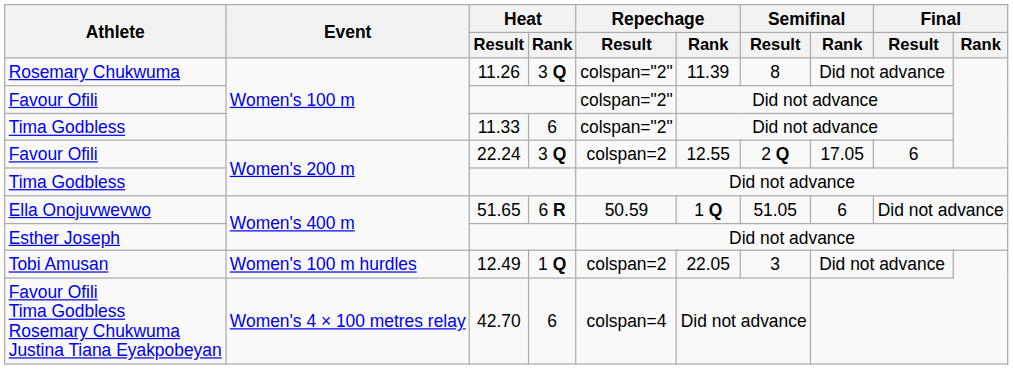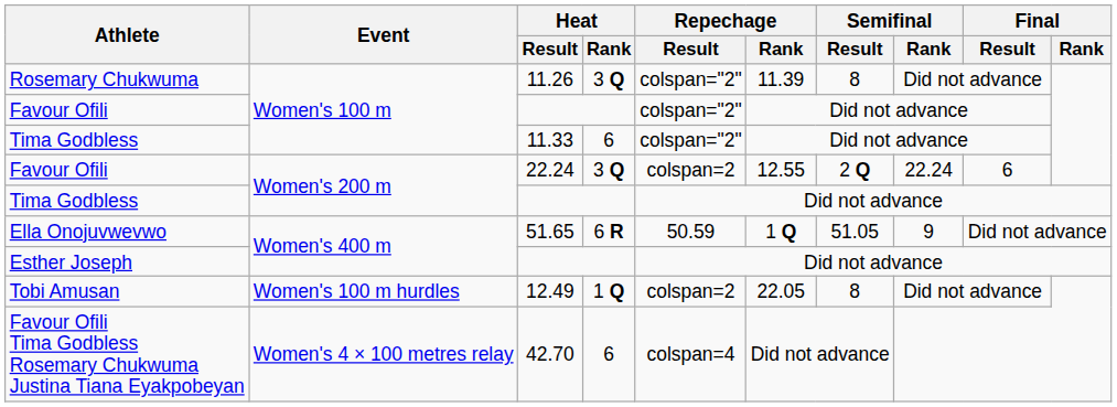 <table class="wikitable" style="font-size:90%">
 <tr>
 <th rowspan="2">Athlete</th>
 <th rowspan="2">Event</th>
 <th colspan="2">Heat</th>
 <th colspan="2">Repechage</th>
 <th colspan="2">Semifinal</th>
 <th colspan="2">Final</th>
 </tr>
 <tr style="font-size:95%">
 <th>Result</th>
 <th>Rank</th>
 <th>Result</th>
 <th>Rank</th>
 <th>Result</th>
 <th>Rank</th>
 <th>Result</th>
 <th>Rank</th>
 </tr>
 <tr align=center>
 <td align=left><a href='#'>Rosemary Chukwuma</a></td>
 <td align=left rowspan=3><a href='#'>Women's 100 m</a></td>
 <td>11.26</td>
 <td>3 <strong>Q</strong></td>
 <td>colspan="2" </td>
 <td>11.39</td>
 <td>8</td>
 <td colspan="2">Did not advance</td>
 </tr>
 <tr align=center>
 <td align=left><a href='#'>Favour Ofili</a></td>
 <td colspan=2></td>
 <td>colspan="2" </td>
 <td colspan="4">Did not advance</td>
 </tr>
 <tr align=center>
 <td align=left><a href='#'>Tima Godbless</a></td>
 <td>11.33</td>
 <td>6</td>
 <td>colspan="2" </td>
 <td colspan="4">Did not advance</td>
 </tr>
 <tr align=center>
 <td align=left><a href='#'>Favour Ofili</a></td>
 <td align=left rowspan=2><a href='#'>Women's 200 m</a></td>
 <td>22.24</td>
 <td>3 <strong>Q</strong></td>
 <td>colspan=2 </td>
 <td>12.55</td>
 <td>2 <strong>Q</strong></td>
-<td>17.05</td>
+<td>22.24</td>
 <td>6</td>
 </tr>
 <tr align=center>
 <td align=left><a href='#'>Tima Godbless</a></td>
 <td colspan=2></td>
 <td colspan="6">Did not advance</td>
 </tr>
 <tr align=center>
 <td align=left><a href='#'>Ella Onojuvwevwo</a></td>
 <td align=left rowspan=2><a href='#'>Women's 400 m</a></td>
 <td>51.65</td>
 <td>6 <strong>R</strong></td>
 <td>50.59</td>
 <td>1 <strong>Q</strong></td>
 <td>51.05</td>
-<td>6</td>
+<td>9</td>
 <td colspan=2>Did not advance</td>
 </tr>
 <tr align=center>
 <td align=left><a href='#'>Esther Joseph</a></td>
 <td colspan=2></td>
 <td colspan="6">Did not advance</td>
 </tr>
 <tr align=center>
 <td align=left><a href='#'>Tobi Amusan</a></td>
 <td align=left><a href='#'>Women's 100 m hurdles</a></td>
 <td>12.49</td>
 <td>1 <strong>Q</strong></td>
 <td>colspan=2 </td>
 <td>22.05</td>
-<td>3</td>
+<td>8</td>
 <td colspan=2>Did not advance</td>
 </tr>
 <tr align=center>
 <td align=left><a href='#'>Favour Ofili</a><br><a href='#'>Tima Godbless</a><br><a href='#'>Rosemary Chukwuma</a> <br><a href='#'>Justina Tiana Eyakpobeyan </a></td>
 <td align=left><a href='#'>Women's 4 × 100 metres relay</a></td>
 <td>42.70 <strong></strong></td>
 <td>6</td>
 <td>colspan=4 </td>
 <td colspan=2>Did not advance</td>
 </tr>
 </table>
